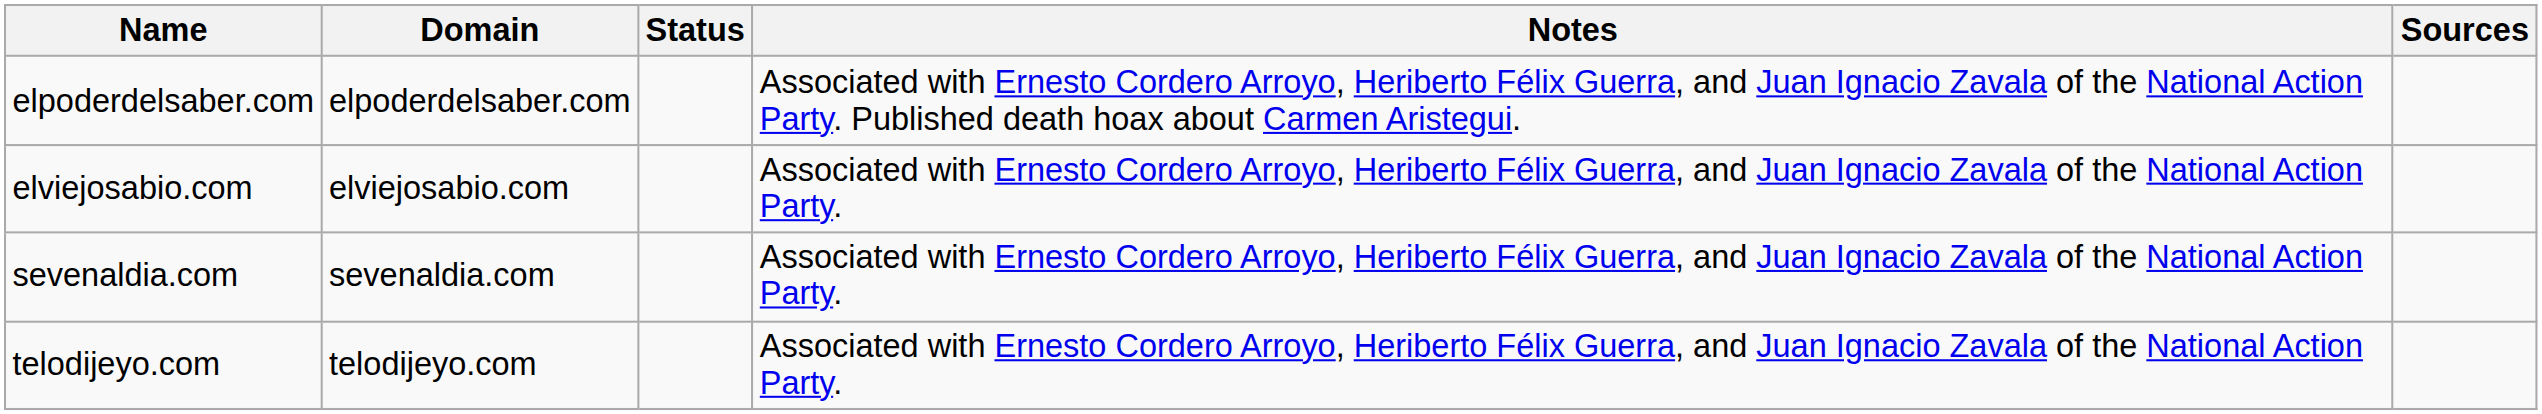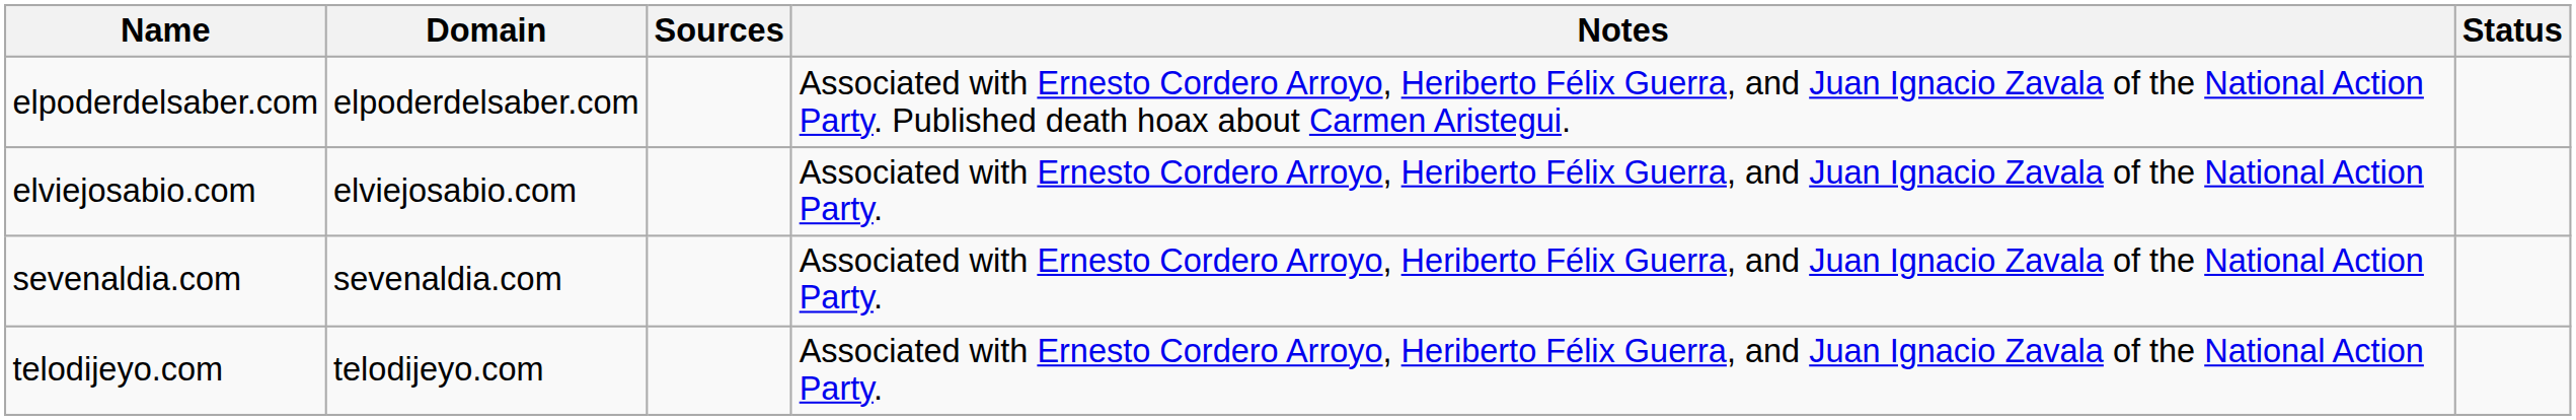 <table class="wikitable sortable mw-collapsible">
 <tr>
 <th>Name</th>
 <th>Domain</th>
+<th class="unsortable">Sources</th>
+<th class="sortable">Notes</th>
 <th>Status</th>
-<th class="sortable">Notes</th>
-<th class="unsortable">Sources</th>
 </tr>
 <tr>
 <td>elpoderdelsaber.com</td>
 <td>elpoderdelsaber.com</td>
 <td></td>
 <td>Associated with <a href='#'>Ernesto Cordero Arroyo</a>, <a href='#'>Heriberto Félix Guerra</a>, and <a href='#'>Juan Ignacio Zavala</a> of the <a href='#'>National Action Party</a>. Published death hoax about <a href='#'>Carmen Aristegui</a>.</td>
 <td></td>
 </tr>
 <tr>
 <td>elviejosabio.com</td>
 <td>elviejosabio.com</td>
 <td></td>
 <td>Associated with <a href='#'>Ernesto Cordero Arroyo</a>, <a href='#'>Heriberto Félix Guerra</a>, and <a href='#'>Juan Ignacio Zavala</a> of the <a href='#'>National Action Party</a>.</td>
 <td></td>
 </tr>
 <tr>
 <td>sevenaldia.com</td>
 <td>sevenaldia.com</td>
 <td></td>
 <td>Associated with <a href='#'>Ernesto Cordero Arroyo</a>, <a href='#'>Heriberto Félix Guerra</a>, and <a href='#'>Juan Ignacio Zavala</a> of the <a href='#'>National Action Party</a>.</td>
 <td></td>
 </tr>
 <tr>
 <td>telodijeyo.com</td>
 <td>telodijeyo.com</td>
 <td></td>
 <td>Associated with <a href='#'>Ernesto Cordero Arroyo</a>, <a href='#'>Heriberto Félix Guerra</a>, and <a href='#'>Juan Ignacio Zavala</a> of the <a href='#'>National Action Party</a>.</td>
 <td></td>
 </tr>
 </table>
